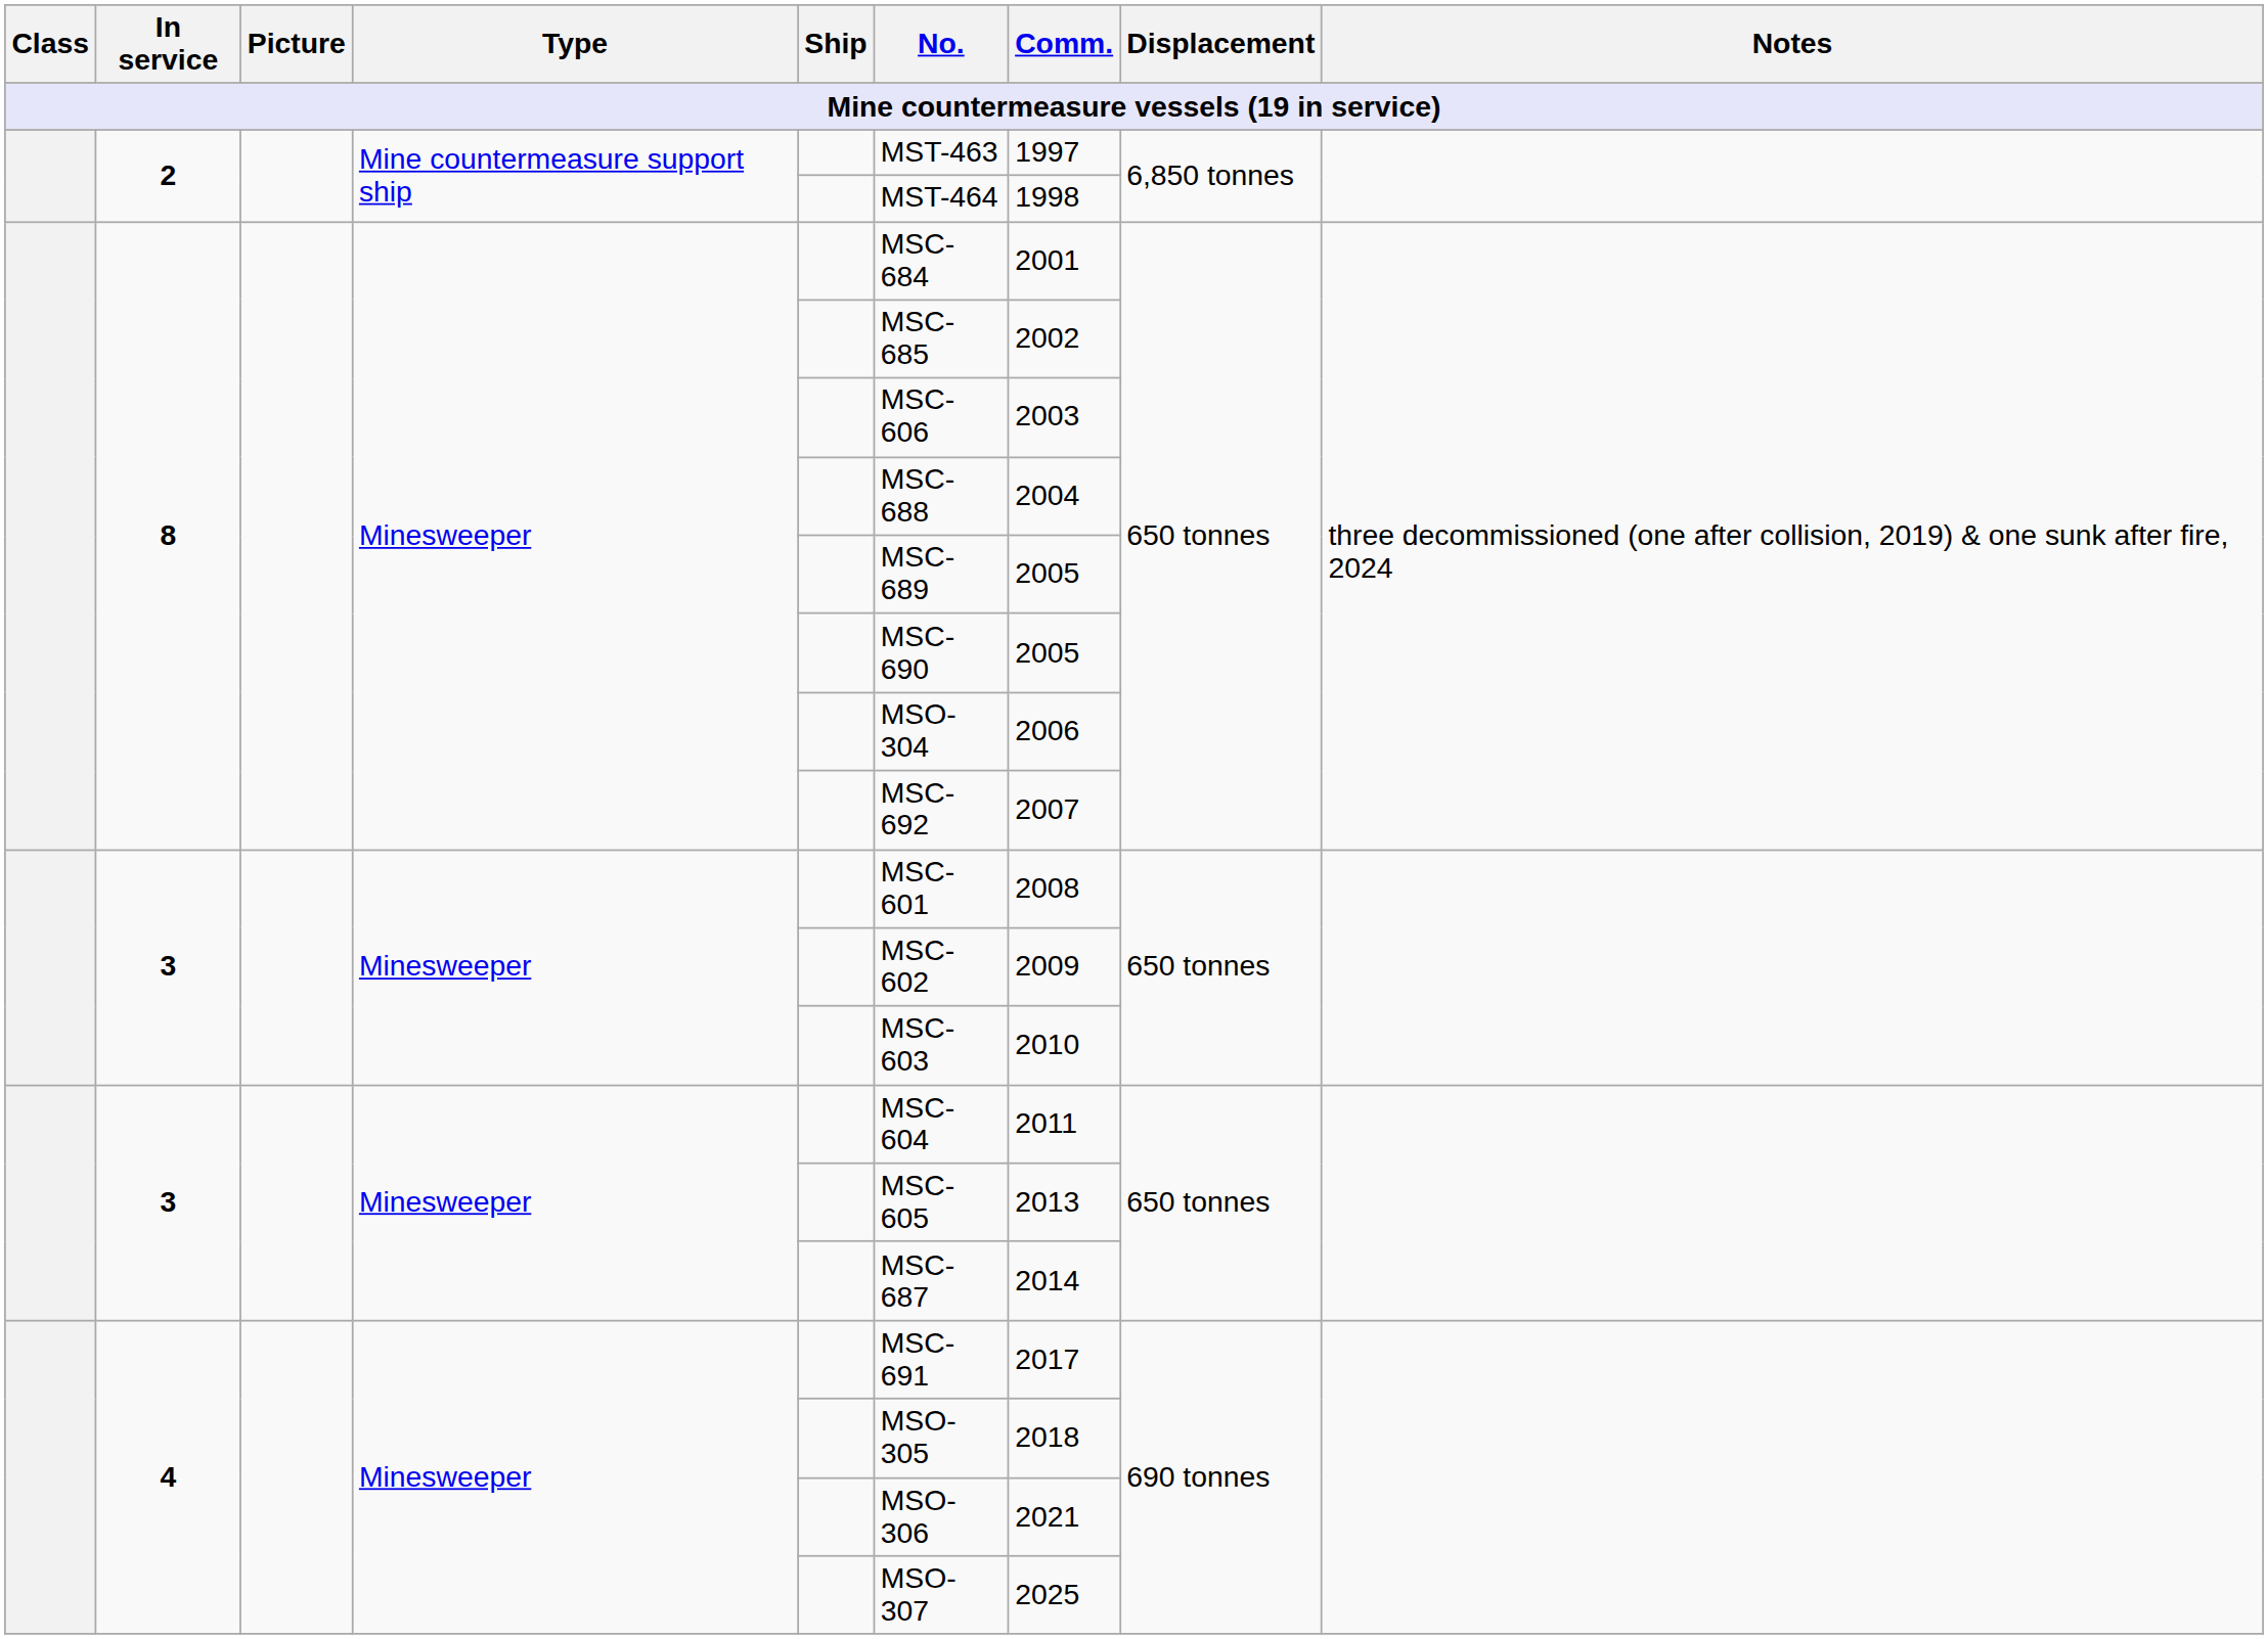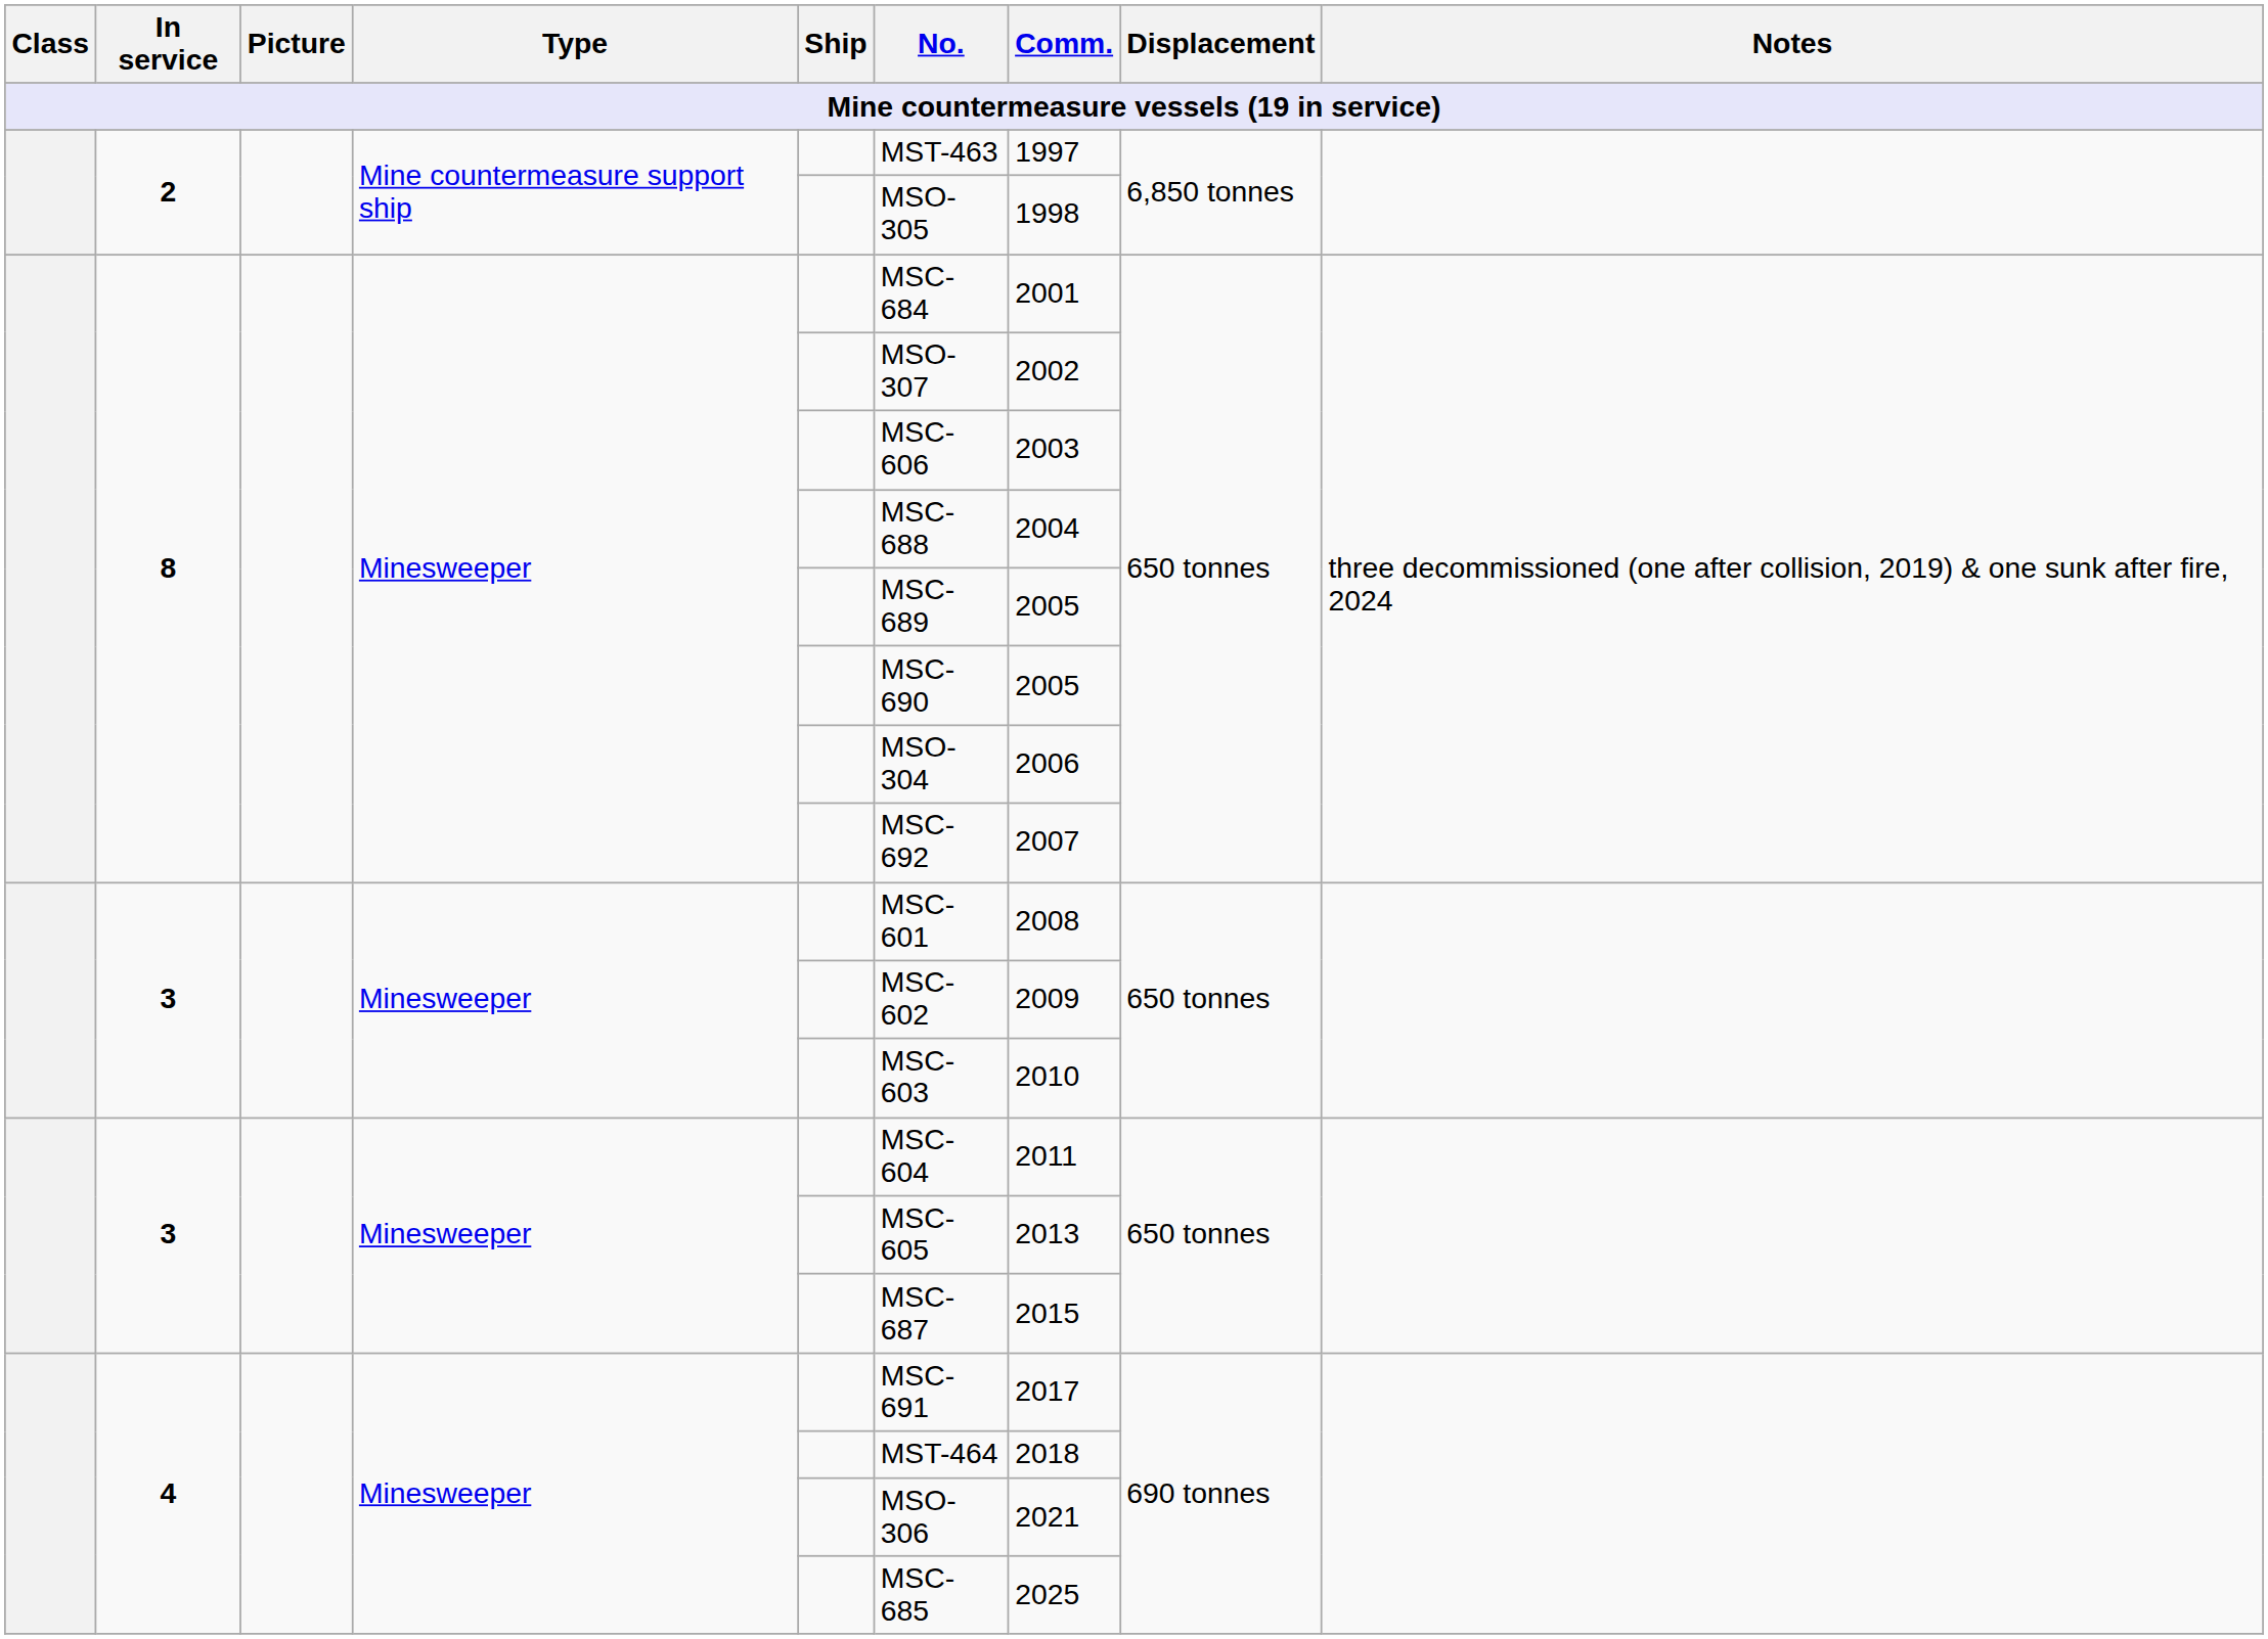 <table class="wikitable">
 <tr>
 <th>Class</th>
 <th>In service</th>
 <th>Picture</th>
 <th>Type</th>
 <th>Ship</th>
 <th><a href='#'>No.</a></th>
 <th><a href='#'>Comm.</a></th>
 <th>Displacement</th>
 <th>Notes</th>
 </tr>
 <tr>
 <th colspan="9" style="background: lavender;">Mine countermeasure vessels (19 in service)</th>
 </tr>
 <tr>
 <th rowspan="2" style="text-align: left;"></th>
 <td rowspan="2" style="text-align: center;"><strong>2</strong></td>
 <td rowspan="2"></td>
 <td rowspan="2"><a href='#'>Mine countermeasure support ship</a></td>
 <td></td>
 <td>MST-463</td>
 <td>1997</td>
 <td rowspan="2">6,850 tonnes</td>
 <td rowspan="2"></td>
 </tr>
 <tr>
 <td></td>
-<td>MST-464</td>
+<td>MSO-305</td>
 <td>1998</td>
 </tr>
 <tr>
 <th rowspan="8" style="text-align: left;"></th>
 <td rowspan="8" style="text-align: center;"><strong>8</strong></td>
 <td rowspan="8"></td>
 <td rowspan="8"><a href='#'>Minesweeper</a></td>
 <td></td>
 <td>MSC-684</td>
 <td>2001</td>
 <td rowspan="8">650 tonnes</td>
 <td rowspan="8"><br>three decommissioned (one after collision, 2019) & one sunk after fire, 2024</td>
 </tr>
 <tr>
 <td></td>
-<td>MSC-685</td>
+<td>MSO-307</td>
 <td>2002</td>
 </tr>
 <tr>
 <td></td>
 <td>MSC-606</td>
 <td>2003</td>
 </tr>
 <tr>
 <td></td>
 <td>MSC-688</td>
 <td>2004</td>
 </tr>
 <tr>
 <td></td>
 <td>MSC-689</td>
 <td>2005</td>
 </tr>
 <tr>
 <td></td>
 <td>MSC-690</td>
 <td>2005</td>
 </tr>
 <tr>
 <td></td>
 <td>MSO-304</td>
 <td>2006</td>
 </tr>
 <tr>
 <td></td>
 <td>MSC-692</td>
 <td>2007</td>
 </tr>
 <tr>
 <th rowspan="3" style="text-align: left;"></th>
 <td rowspan="3" style="text-align: center;"><strong>3</strong></td>
 <td rowspan="3"></td>
 <td rowspan="3"><a href='#'>Minesweeper</a></td>
 <td></td>
 <td>MSC-601</td>
 <td>2008</td>
 <td rowspan="3">650 tonnes</td>
 <td rowspan="3"></td>
 </tr>
 <tr>
 <td></td>
 <td>MSC-602</td>
 <td>2009</td>
 </tr>
 <tr>
 <td></td>
 <td>MSC-603</td>
 <td>2010</td>
 </tr>
 <tr>
 <th rowspan="3" style="text-align: left;"></th>
 <td rowspan="3" style="text-align: center;"><strong>3</strong></td>
 <td rowspan="3"></td>
 <td rowspan="3"><a href='#'>Minesweeper</a></td>
 <td></td>
 <td>MSC-604</td>
 <td>2011</td>
 <td rowspan="3">650 tonnes</td>
 <td rowspan="3"></td>
 </tr>
 <tr>
 <td></td>
 <td>MSC-605</td>
 <td>2013</td>
 </tr>
 <tr>
 <td></td>
 <td>MSC-687</td>
-<td>2014</td>
+<td>2015</td>
 </tr>
 <tr>
 <th rowspan="4" style="text-align: left;"></th>
 <td rowspan="4" style="text-align: center;"><strong>4</strong></td>
 <td rowspan="4"></td>
 <td rowspan="4"><a href='#'>Minesweeper</a></td>
 <td></td>
 <td>MSC-691</td>
 <td>2017</td>
 <td rowspan="4">690 tonnes</td>
 <td rowspan="4"></td>
 </tr>
 <tr>
 <td></td>
-<td>MSO-305</td>
+<td>MST-464</td>
 <td>2018</td>
 </tr>
 <tr>
 <td></td>
 <td>MSO-306</td>
 <td>2021</td>
 </tr>
 <tr>
 <td></td>
-<td>MSO-307</td>
+<td>MSC-685</td>
 <td>2025</td>
 </tr>
 </table>
